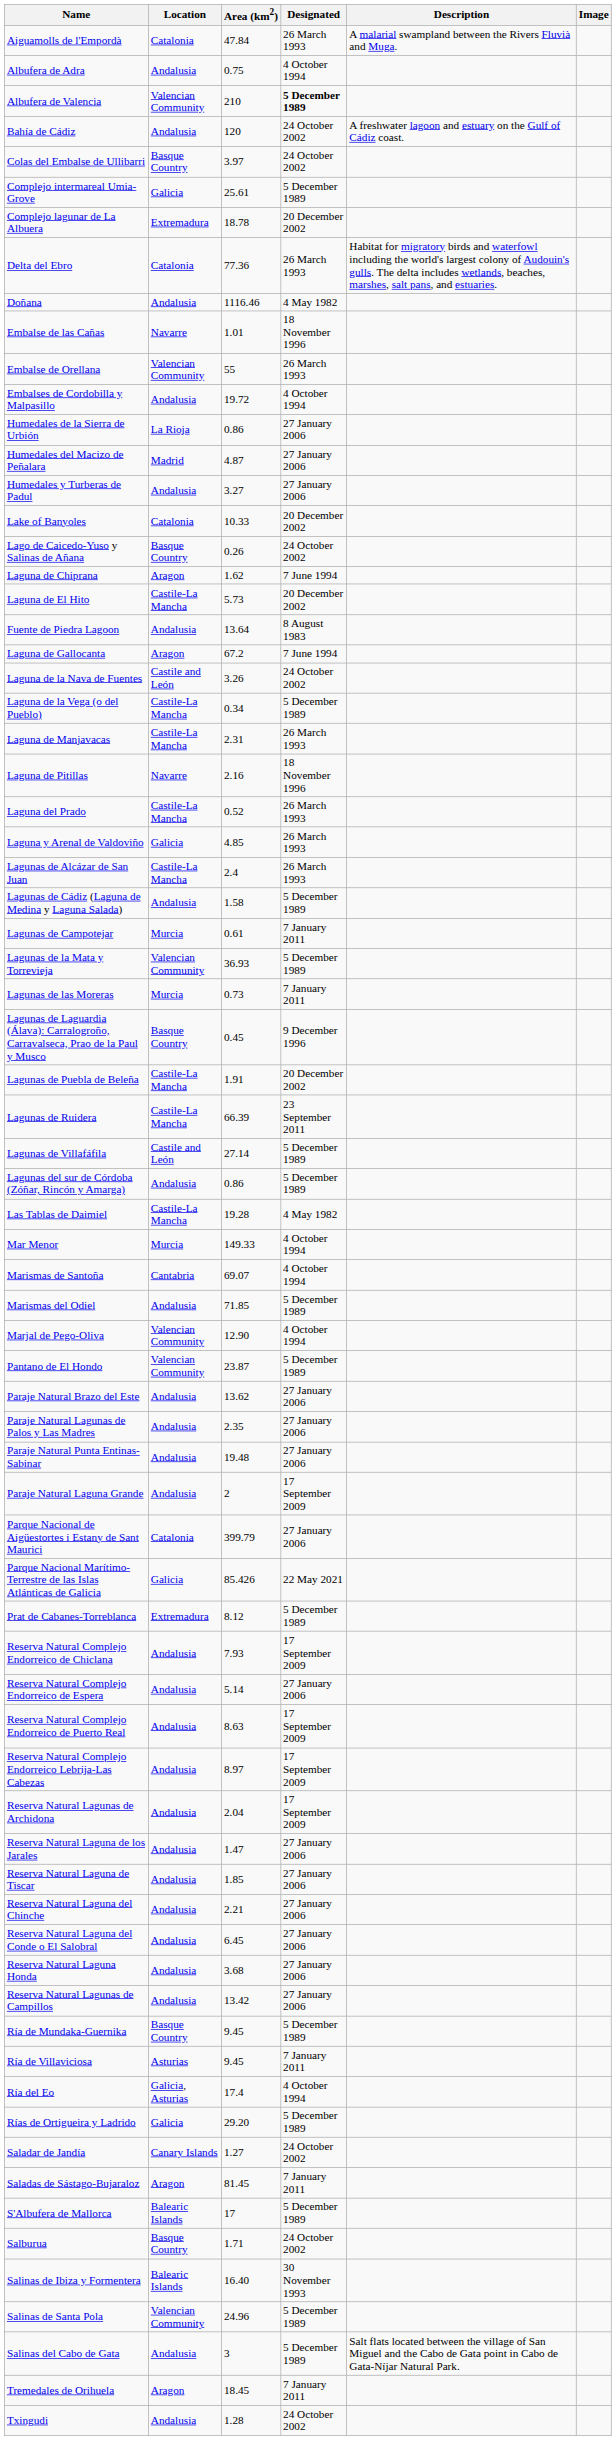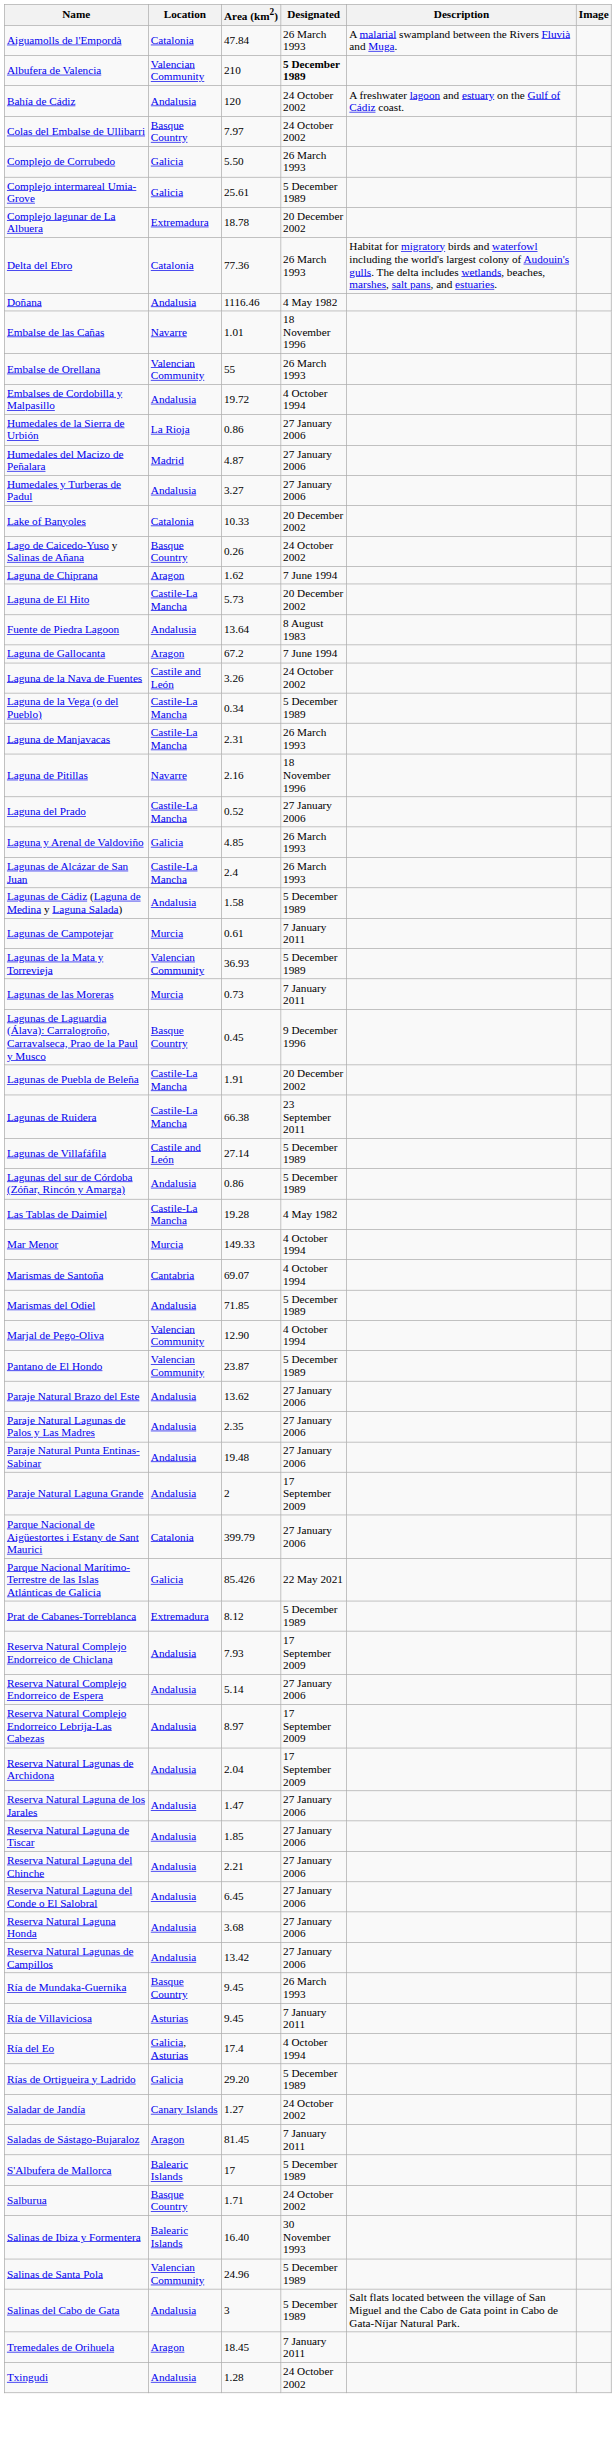 <table class="wikitable sortable">
 <tr>
 <th style="background-color:">Name</th>
 <th style="background-color:">Location</th>
 <th style="background-color:">Area (km<sup>2</sup>)</th>
 <th style="background-color:">Designated</th>
 <th style="background-color:">Description</th>
 <th style="background-color:">Image</th>
 </tr>
 <tr>
 <td><a href='#'>Aiguamolls de l'Empordà</a></td>
 <td><a href='#'>Catalonia</a><br><small></small></td>
 <td>47.84</td>
 <td>26 March 1993</td>
 <td>A <a href='#'>malarial</a> swampland between the Rivers <a href='#'>Fluvià</a> and <a href='#'>Muga</a>.</td>
-<td></td>
-</tr>
-<tr>
-<td><a href='#'>Albufera de Adra</a></td>
-<td><a href='#'>Andalusia</a><br><small></small></td>
-<td>0.75</td>
-<td>4 October 1994</td>
-<td></td>
 <td></td>
 </tr>
 <tr>
 <td><a href='#'>Albufera de Valencia</a></td>
 <td><a href='#'>Valencian Community</a><br><small></small></td>
 <td>210</td>
 <td><strong>5 December 1989</strong></td>
 <td></td>
 <td></td>
 </tr>
 <tr>
 <td><a href='#'>Bahía de Cádiz</a></td>
 <td><a href='#'>Andalusia</a><br><small></small></td>
 <td>120</td>
 <td>24 October 2002</td>
 <td>A freshwater <a href='#'>lagoon</a> and <a href='#'>estuary</a> on the <a href='#'>Gulf of Cádiz</a> coast.</td>
 <td></td>
 </tr>
 <tr>
 <td><a href='#'>Colas del Embalse de Ullibarri</a></td>
 <td><a href='#'>Basque Country</a><br><small></small></td>
-<td>3.97</td>
+<td>7.97</td>
 <td>24 October 2002</td>
+<td></td>
+<td></td>
+</tr>
+<tr>
+<td><a href='#'>Complejo de Corrubedo</a></td>
+<td><a href='#'>Galicia</a><br><small></small></td>
+<td>5.50</td>
+<td>26 March 1993</td>
 <td></td>
 <td></td>
 </tr>
 <tr>
 <td><a href='#'>Complejo intermareal Umia-Grove</a></td>
 <td><a href='#'>Galicia</a><br><small></small></td>
 <td>25.61</td>
 <td>5 December 1989</td>
 <td></td>
 <td></td>
 </tr>
 <tr>
 <td><a href='#'>Complejo lagunar de La Albuera</a></td>
 <td><a href='#'>Extremadura</a><br><small></small></td>
 <td>18.78</td>
 <td>20 December 2002</td>
 <td></td>
 <td></td>
 </tr>
 <tr>
 <td><a href='#'>Delta del Ebro</a></td>
 <td><a href='#'>Catalonia</a><br><small></small></td>
 <td>77.36</td>
 <td>26 March 1993</td>
 <td>Habitat for <a href='#'>migratory</a> birds and <a href='#'>waterfowl</a> including the world's largest colony of <a href='#'>Audouin's gulls</a>. The delta includes <a href='#'>wetlands</a>, beaches, <a href='#'>marshes</a>, <a href='#'>salt pans</a>, and <a href='#'>estuaries</a>.</td>
 <td></td>
 </tr>
 <tr>
 <td><a href='#'>Doñana</a></td>
 <td><a href='#'>Andalusia</a><br><small></small></td>
 <td>1116.46</td>
 <td>4 May 1982</td>
 <td></td>
 <td></td>
 </tr>
 <tr>
 <td><a href='#'>Embalse de las Cañas</a></td>
 <td><a href='#'>Navarre</a><br><small></small></td>
 <td>1.01</td>
 <td>18 November 1996</td>
 <td></td>
 <td></td>
 </tr>
 <tr>
 <td><a href='#'>Embalse de Orellana</a></td>
 <td><a href='#'>Valencian Community</a><br><small></small></td>
 <td>55</td>
 <td>26 March 1993</td>
 <td></td>
 <td></td>
 </tr>
 <tr>
 <td><a href='#'>Embalses de Cordobilla y Malpasillo</a></td>
 <td><a href='#'>Andalusia</a><br><small></small></td>
 <td>19.72</td>
 <td>4 October 1994</td>
 <td></td>
 <td></td>
 </tr>
 <tr>
 <td><a href='#'>Humedales de la Sierra de Urbión</a></td>
 <td><a href='#'>La Rioja</a><br><small></small></td>
 <td>0.86</td>
 <td>27 January 2006</td>
 <td></td>
 <td></td>
 </tr>
 <tr>
 <td><a href='#'>Humedales del Macizo de Peñalara</a></td>
 <td><a href='#'>Madrid</a><br><small></small></td>
 <td>4.87</td>
 <td>27 January 2006</td>
 <td></td>
 <td></td>
 </tr>
 <tr>
 <td><a href='#'>Humedales y Turberas de Padul</a></td>
 <td><a href='#'>Andalusia</a><br><small></small></td>
 <td>3.27</td>
 <td>27 January 2006</td>
 <td></td>
 <td></td>
 </tr>
 <tr>
 <td><a href='#'>Lake of Banyoles</a></td>
 <td><a href='#'>Catalonia</a><br><small></small></td>
 <td>10.33</td>
 <td>20 December 2002</td>
 <td></td>
 <td></td>
 </tr>
 <tr>
 <td><a href='#'>Lago de Caicedo-Yuso</a> y <a href='#'>Salinas de Añana</a></td>
 <td><a href='#'>Basque Country</a><br><small></small></td>
 <td>0.26</td>
 <td>24 October 2002</td>
 <td></td>
 <td></td>
 </tr>
 <tr>
 <td><a href='#'>Laguna de Chiprana</a></td>
 <td><a href='#'>Aragon</a><br><small></small></td>
 <td>1.62</td>
 <td>7 June 1994</td>
 <td></td>
 <td></td>
 </tr>
 <tr>
 <td><a href='#'>Laguna de El Hito</a></td>
 <td><a href='#'>Castile-La Mancha</a><br><small></small></td>
 <td>5.73</td>
 <td>20 December 2002</td>
 <td></td>
 <td></td>
 </tr>
 <tr>
 <td><a href='#'>Fuente de Piedra Lagoon</a></td>
 <td><a href='#'>Andalusia</a><br><small></small></td>
 <td>13.64</td>
 <td>8 August 1983</td>
 <td></td>
 <td></td>
 </tr>
 <tr>
 <td><a href='#'>Laguna de Gallocanta</a></td>
 <td><a href='#'>Aragon</a><br><small></small></td>
 <td>67.2</td>
 <td>7 June 1994</td>
 <td></td>
 <td></td>
 </tr>
 <tr>
 <td><a href='#'>Laguna de la Nava de Fuentes</a></td>
 <td><a href='#'>Castile and León</a><br><small></small></td>
 <td>3.26</td>
 <td>24 October 2002</td>
 <td></td>
 <td></td>
 </tr>
 <tr>
 <td><a href='#'>Laguna de la Vega (o del Pueblo)</a></td>
 <td><a href='#'>Castile-La Mancha</a><br><small></small></td>
 <td>0.34</td>
 <td>5 December 1989</td>
 <td></td>
 <td></td>
 </tr>
 <tr>
 <td><a href='#'>Laguna de Manjavacas</a></td>
 <td><a href='#'>Castile-La Mancha</a><br><small></small></td>
 <td>2.31</td>
 <td>26 March 1993</td>
 <td></td>
 <td></td>
 </tr>
 <tr>
 <td><a href='#'>Laguna de Pitillas</a></td>
 <td><a href='#'>Navarre</a><br><small></small></td>
 <td>2.16</td>
 <td>18 November 1996</td>
 <td></td>
 <td></td>
 </tr>
 <tr>
 <td><a href='#'>Laguna del Prado</a></td>
 <td><a href='#'>Castile-La Mancha</a><br><small></small></td>
 <td>0.52</td>
-<td>26 March 1993</td>
+<td>27 January 2006</td>
 <td></td>
 <td></td>
 </tr>
 <tr>
 <td><a href='#'>Laguna y Arenal de Valdoviño</a></td>
 <td><a href='#'>Galicia</a><br><small></small></td>
 <td>4.85</td>
 <td>26 March 1993</td>
 <td></td>
 <td></td>
 </tr>
 <tr>
 <td><a href='#'>Lagunas de Alcázar de San Juan</a></td>
 <td><a href='#'>Castile-La Mancha</a><br><small></small></td>
 <td>2.4</td>
 <td>26 March 1993</td>
 <td></td>
 <td></td>
 </tr>
 <tr>
 <td><a href='#'>Lagunas de Cádiz</a> (<a href='#'>Laguna de Medina</a> y <a href='#'>Laguna Salada</a>)</td>
 <td><a href='#'>Andalusia</a><br><small></small></td>
 <td>1.58</td>
 <td>5 December 1989</td>
 <td></td>
 <td></td>
 </tr>
 <tr>
 <td><a href='#'>Lagunas de Campotejar</a></td>
 <td><a href='#'>Murcia</a><br><small></small></td>
 <td>0.61</td>
 <td>7 January 2011</td>
 <td></td>
 <td></td>
 </tr>
 <tr>
 <td><a href='#'>Lagunas de la Mata y Torrevieja</a></td>
 <td><a href='#'>Valencian Community</a><br><small></small></td>
 <td>36.93</td>
 <td>5 December 1989</td>
 <td></td>
 <td></td>
 </tr>
 <tr>
 <td><a href='#'>Lagunas de las Moreras</a></td>
 <td><a href='#'>Murcia</a><br><small></small></td>
 <td>0.73</td>
 <td>7 January 2011</td>
 <td></td>
 <td></td>
 </tr>
 <tr>
 <td><a href='#'>Lagunas de Laguardia (Álava): Carralogroño, Carravalseca, Prao de la Paul y Musco</a></td>
 <td><a href='#'>Basque Country</a><br><small></small></td>
 <td>0.45</td>
 <td>9 December 1996</td>
 <td></td>
 <td></td>
 </tr>
 <tr>
 <td><a href='#'>Lagunas de Puebla de Beleña</a></td>
 <td><a href='#'>Castile-La Mancha</a><br><small></small></td>
 <td>1.91</td>
 <td>20 December 2002</td>
 <td></td>
 <td></td>
 </tr>
 <tr>
 <td><a href='#'>Lagunas de Ruidera</a></td>
 <td><a href='#'>Castile-La Mancha</a><br><small></small></td>
-<td>66.39</td>
+<td>66.38</td>
 <td>23 September 2011</td>
 <td></td>
 <td></td>
 </tr>
 <tr>
 <td><a href='#'>Lagunas de Villafáfila</a></td>
 <td><a href='#'>Castile and León</a><br><small></small></td>
 <td>27.14</td>
 <td>5 December 1989</td>
 <td></td>
 <td></td>
 </tr>
 <tr>
 <td><a href='#'>Lagunas del sur de Córdoba (Zóñar, Rincón y Amarga)</a></td>
 <td><a href='#'>Andalusia</a><br><small></small></td>
 <td>0.86</td>
 <td>5 December 1989</td>
 <td></td>
 <td></td>
 </tr>
 <tr>
 <td><a href='#'>Las Tablas de Daimiel</a></td>
 <td><a href='#'>Castile-La Mancha</a><br><small></small></td>
 <td>19.28</td>
 <td>4 May 1982</td>
 <td></td>
 <td></td>
 </tr>
 <tr>
 <td><a href='#'>Mar Menor</a></td>
 <td><a href='#'>Murcia</a><br><small></small></td>
 <td>149.33</td>
 <td>4 October 1994</td>
 <td></td>
 <td></td>
 </tr>
 <tr>
 <td><a href='#'>Marismas de Santoña</a></td>
 <td><a href='#'>Cantabria</a><br><small></small></td>
 <td>69.07</td>
 <td>4 October 1994</td>
 <td></td>
 <td></td>
 </tr>
 <tr>
 <td><a href='#'>Marismas del Odiel</a></td>
 <td><a href='#'>Andalusia</a><br><small></small></td>
 <td>71.85</td>
 <td>5 December 1989</td>
 <td></td>
 <td></td>
 </tr>
 <tr>
 <td><a href='#'>Marjal de Pego-Oliva</a></td>
 <td><a href='#'>Valencian Community</a><br><small></small></td>
 <td>12.90</td>
 <td>4 October 1994</td>
 <td></td>
 <td></td>
 </tr>
 <tr>
 <td><a href='#'>Pantano de El Hondo</a></td>
 <td><a href='#'>Valencian Community</a><br><small></small></td>
 <td>23.87</td>
 <td>5 December 1989</td>
 <td></td>
 <td></td>
 </tr>
 <tr>
 <td><a href='#'>Paraje Natural Brazo del Este</a></td>
 <td><a href='#'>Andalusia</a><br><small></small></td>
 <td>13.62</td>
 <td>27 January 2006</td>
 <td></td>
 <td></td>
 </tr>
 <tr>
 <td><a href='#'>Paraje Natural Lagunas de Palos y Las Madres</a></td>
 <td><a href='#'>Andalusia</a><br><small></small></td>
 <td>2.35</td>
 <td>27 January 2006</td>
 <td></td>
 <td></td>
 </tr>
 <tr>
 <td><a href='#'>Paraje Natural Punta Entinas-Sabinar</a></td>
 <td><a href='#'>Andalusia</a><br><small></small></td>
 <td>19.48</td>
 <td>27 January 2006</td>
 <td></td>
 <td></td>
 </tr>
 <tr>
 <td><a href='#'>Paraje Natural Laguna Grande</a></td>
 <td><a href='#'>Andalusia</a><br><small></small></td>
 <td>2</td>
 <td>17 September 2009</td>
 <td></td>
 <td></td>
 </tr>
 <tr>
 <td><a href='#'>Parque Nacional de Aigüestortes i Estany de Sant Maurici</a></td>
 <td><a href='#'>Catalonia</a><br><small></small></td>
 <td>399.79</td>
 <td>27 January 2006</td>
 <td></td>
 <td></td>
 </tr>
 <tr>
 <td><a href='#'>Parque Nacional Marítimo-Terrestre de las Islas Atlánticas de Galicia</a></td>
 <td><a href='#'>Galicia</a><br><small></small></td>
 <td>85.426</td>
 <td>22 May 2021</td>
 <td></td>
 <td></td>
 </tr>
 <tr>
 <td><a href='#'>Prat de Cabanes-Torreblanca</a></td>
 <td><a href='#'>Extremadura</a><br><small></small></td>
 <td>8.12</td>
 <td>5 December 1989</td>
 <td></td>
 <td></td>
 </tr>
 <tr>
 <td><a href='#'>Reserva Natural Complejo Endorreico de Chiclana</a></td>
 <td><a href='#'>Andalusia</a><br><small></small></td>
 <td>7.93</td>
 <td>17 September 2009</td>
 <td></td>
 <td></td>
 </tr>
 <tr>
 <td><a href='#'>Reserva Natural Complejo Endorreico de Espera</a></td>
 <td><a href='#'>Andalusia</a><br><small></small></td>
 <td>5.14</td>
 <td>27 January 2006</td>
 <td></td>
 <td></td>
 </tr>
 <tr>
-<td><a href='#'>Reserva Natural Complejo Endorreico de Puerto Real</a></td>
-<td><a href='#'>Andalusia</a><br><small></small></td>
-<td>8.63</td>
-<td>17 September 2009</td>
-<td></td>
-<td></td>
-</tr>
-<tr>
 <td><a href='#'>Reserva Natural Complejo Endorreico Lebrija-Las Cabezas</a></td>
 <td><a href='#'>Andalusia</a><br><small></small></td>
 <td>8.97</td>
 <td>17 September 2009</td>
 <td></td>
 <td></td>
 </tr>
 <tr>
 <td><a href='#'>Reserva Natural Lagunas de Archidona</a></td>
 <td><a href='#'>Andalusia</a><br><small></small></td>
 <td>2.04</td>
 <td>17 September 2009</td>
 <td></td>
 <td></td>
 </tr>
 <tr>
 <td><a href='#'>Reserva Natural Laguna de los Jarales</a></td>
 <td><a href='#'>Andalusia</a><br><small></small></td>
 <td>1.47</td>
 <td>27 January 2006</td>
 <td></td>
 <td></td>
 </tr>
 <tr>
 <td><a href='#'>Reserva Natural Laguna de Tiscar</a></td>
 <td><a href='#'>Andalusia</a><br><small></small></td>
 <td>1.85</td>
 <td>27 January 2006</td>
 <td></td>
 <td></td>
 </tr>
 <tr>
 <td><a href='#'>Reserva Natural Laguna del Chinche</a></td>
 <td><a href='#'>Andalusia</a><br><small></small></td>
 <td>2.21</td>
 <td>27 January 2006</td>
 <td></td>
 <td></td>
 </tr>
 <tr>
 <td><a href='#'>Reserva Natural Laguna del Conde o El Salobral</a></td>
 <td><a href='#'>Andalusia</a><br><small></small></td>
 <td>6.45</td>
 <td>27 January 2006</td>
 <td></td>
 <td></td>
 </tr>
 <tr>
 <td><a href='#'>Reserva Natural Laguna Honda</a></td>
 <td><a href='#'>Andalusia</a><br><small></small></td>
 <td>3.68</td>
 <td>27 January 2006</td>
 <td></td>
 <td></td>
 </tr>
 <tr>
 <td><a href='#'>Reserva Natural Lagunas de Campillos</a></td>
 <td><a href='#'>Andalusia</a><br><small></small></td>
 <td>13.42</td>
 <td>27 January 2006</td>
 <td></td>
 <td></td>
 </tr>
 <tr>
 <td><a href='#'>Ría de Mundaka-Guernika</a></td>
 <td><a href='#'>Basque Country</a><br><small></small></td>
 <td>9.45</td>
-<td>5 December 1989</td>
+<td>26 March 1993</td>
 <td></td>
 <td></td>
 </tr>
 <tr>
 <td><a href='#'>Ría de Villaviciosa</a></td>
 <td><a href='#'>Asturias</a><br><small></small></td>
 <td>9.45</td>
 <td>7 January 2011</td>
 <td></td>
 <td></td>
 </tr>
 <tr>
 <td><a href='#'>Ría del Eo</a></td>
 <td><a href='#'>Galicia</a>, <a href='#'>Asturias</a><br><small></small></td>
 <td>17.4</td>
 <td>4 October 1994</td>
 <td></td>
 <td></td>
 </tr>
 <tr>
 <td><a href='#'>Rías de Ortigueira y Ladrido</a></td>
 <td><a href='#'>Galicia</a><br><small></small></td>
 <td>29.20</td>
 <td>5 December 1989</td>
 <td></td>
 <td></td>
 </tr>
 <tr>
 <td><a href='#'>Saladar de Jandía</a></td>
 <td><a href='#'>Canary Islands</a><br><small></small></td>
 <td>1.27</td>
 <td>24 October 2002</td>
 <td></td>
 <td></td>
 </tr>
 <tr>
 <td><a href='#'>Saladas de Sástago-Bujaraloz</a></td>
 <td><a href='#'>Aragon</a><br><small></small></td>
 <td>81.45</td>
 <td>7 January 2011</td>
 <td></td>
 <td></td>
 </tr>
 <tr>
 <td><a href='#'>S'Albufera de Mallorca</a></td>
 <td><a href='#'>Balearic Islands</a><br><small></small></td>
 <td>17</td>
 <td>5 December 1989</td>
 <td></td>
 <td></td>
 </tr>
 <tr>
 <td><a href='#'>Salburua</a></td>
 <td><a href='#'>Basque Country</a><br><small></small></td>
 <td>1.71</td>
 <td>24 October 2002</td>
 <td></td>
 <td></td>
 </tr>
 <tr>
 <td><a href='#'>Salinas de Ibiza y Formentera</a></td>
 <td><a href='#'>Balearic Islands</a><br><small></small></td>
 <td>16.40</td>
 <td>30 November 1993</td>
 <td></td>
 <td></td>
 </tr>
 <tr>
 <td><a href='#'>Salinas de Santa Pola</a></td>
 <td><a href='#'>Valencian Community</a><br><small></small></td>
 <td>24.96</td>
 <td>5 December 1989</td>
 <td></td>
 <td></td>
 </tr>
 <tr>
 <td><a href='#'>Salinas del Cabo de Gata</a></td>
 <td><a href='#'>Andalusia</a><br><small></small></td>
 <td>3</td>
 <td>5 December 1989</td>
 <td>Salt flats located between the village of San Miguel and the Cabo de Gata point in Cabo de Gata-Níjar Natural Park.</td>
 <td></td>
 </tr>
 <tr>
 <td><a href='#'>Tremedales de Orihuela</a></td>
 <td><a href='#'>Aragon</a><br><small></small></td>
 <td>18.45</td>
 <td>7 January 2011</td>
 <td></td>
 <td></td>
 </tr>
 <tr>
 <td><a href='#'>Txingudi</a></td>
 <td><a href='#'>Andalusia</a><br><small></small></td>
 <td>1.28</td>
 <td>24 October 2002</td>
 <td></td>
 <td></td>
 </tr>
 </table>
